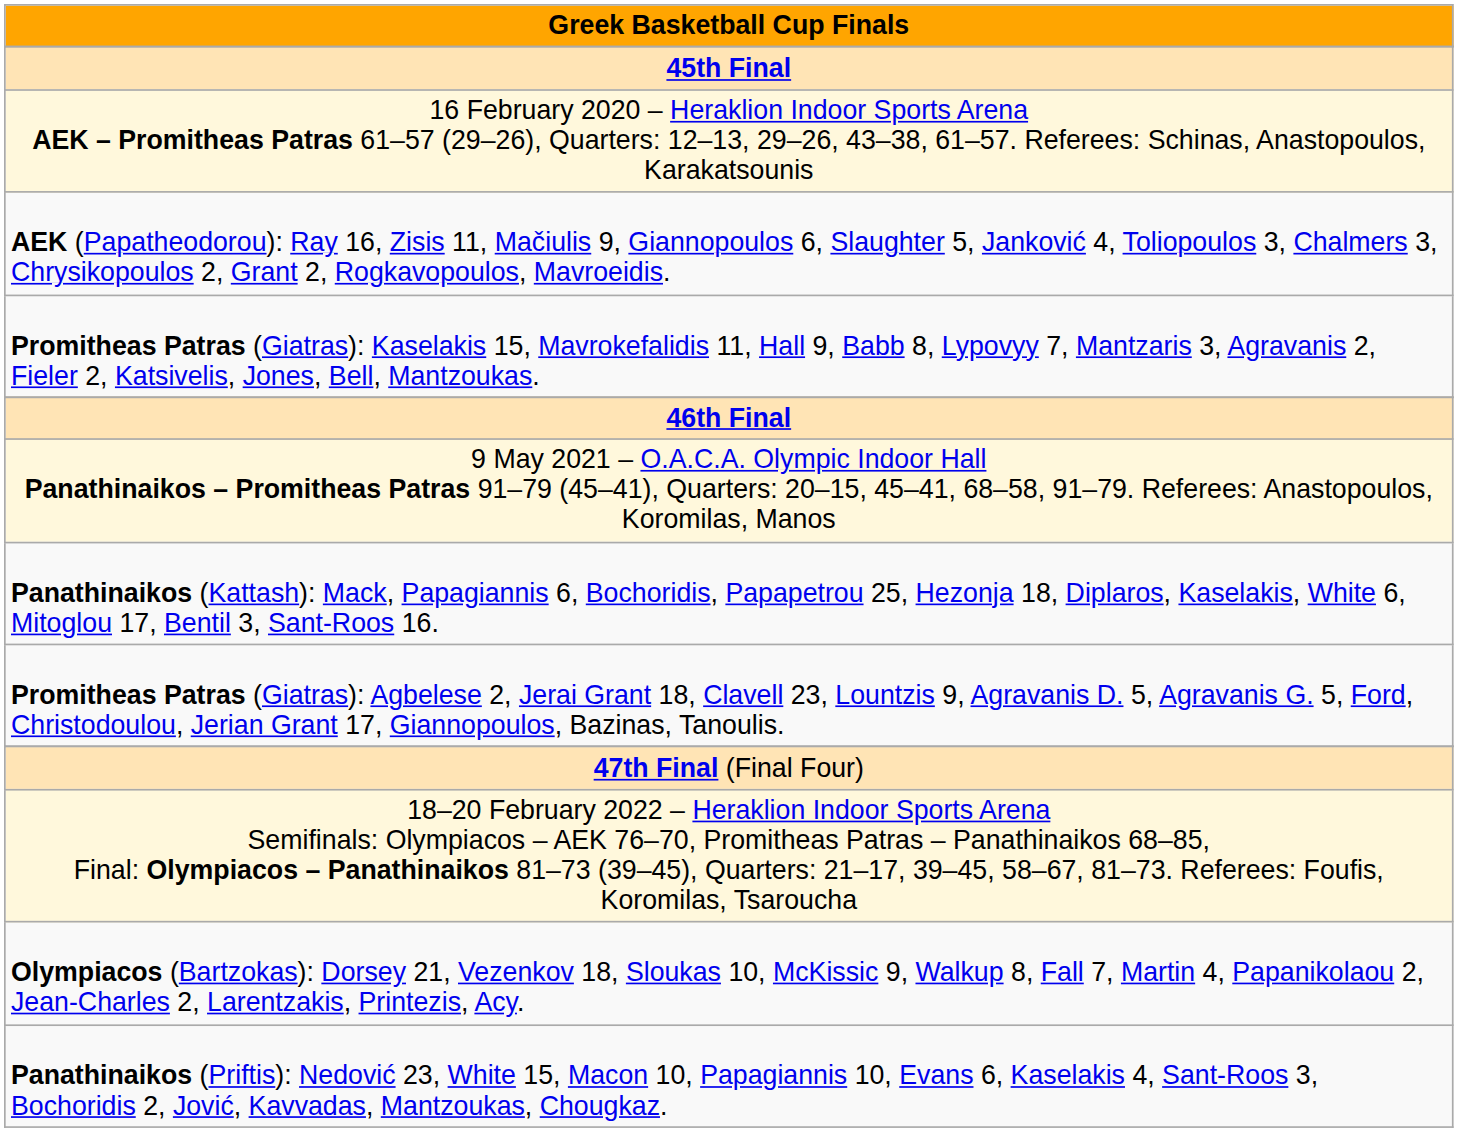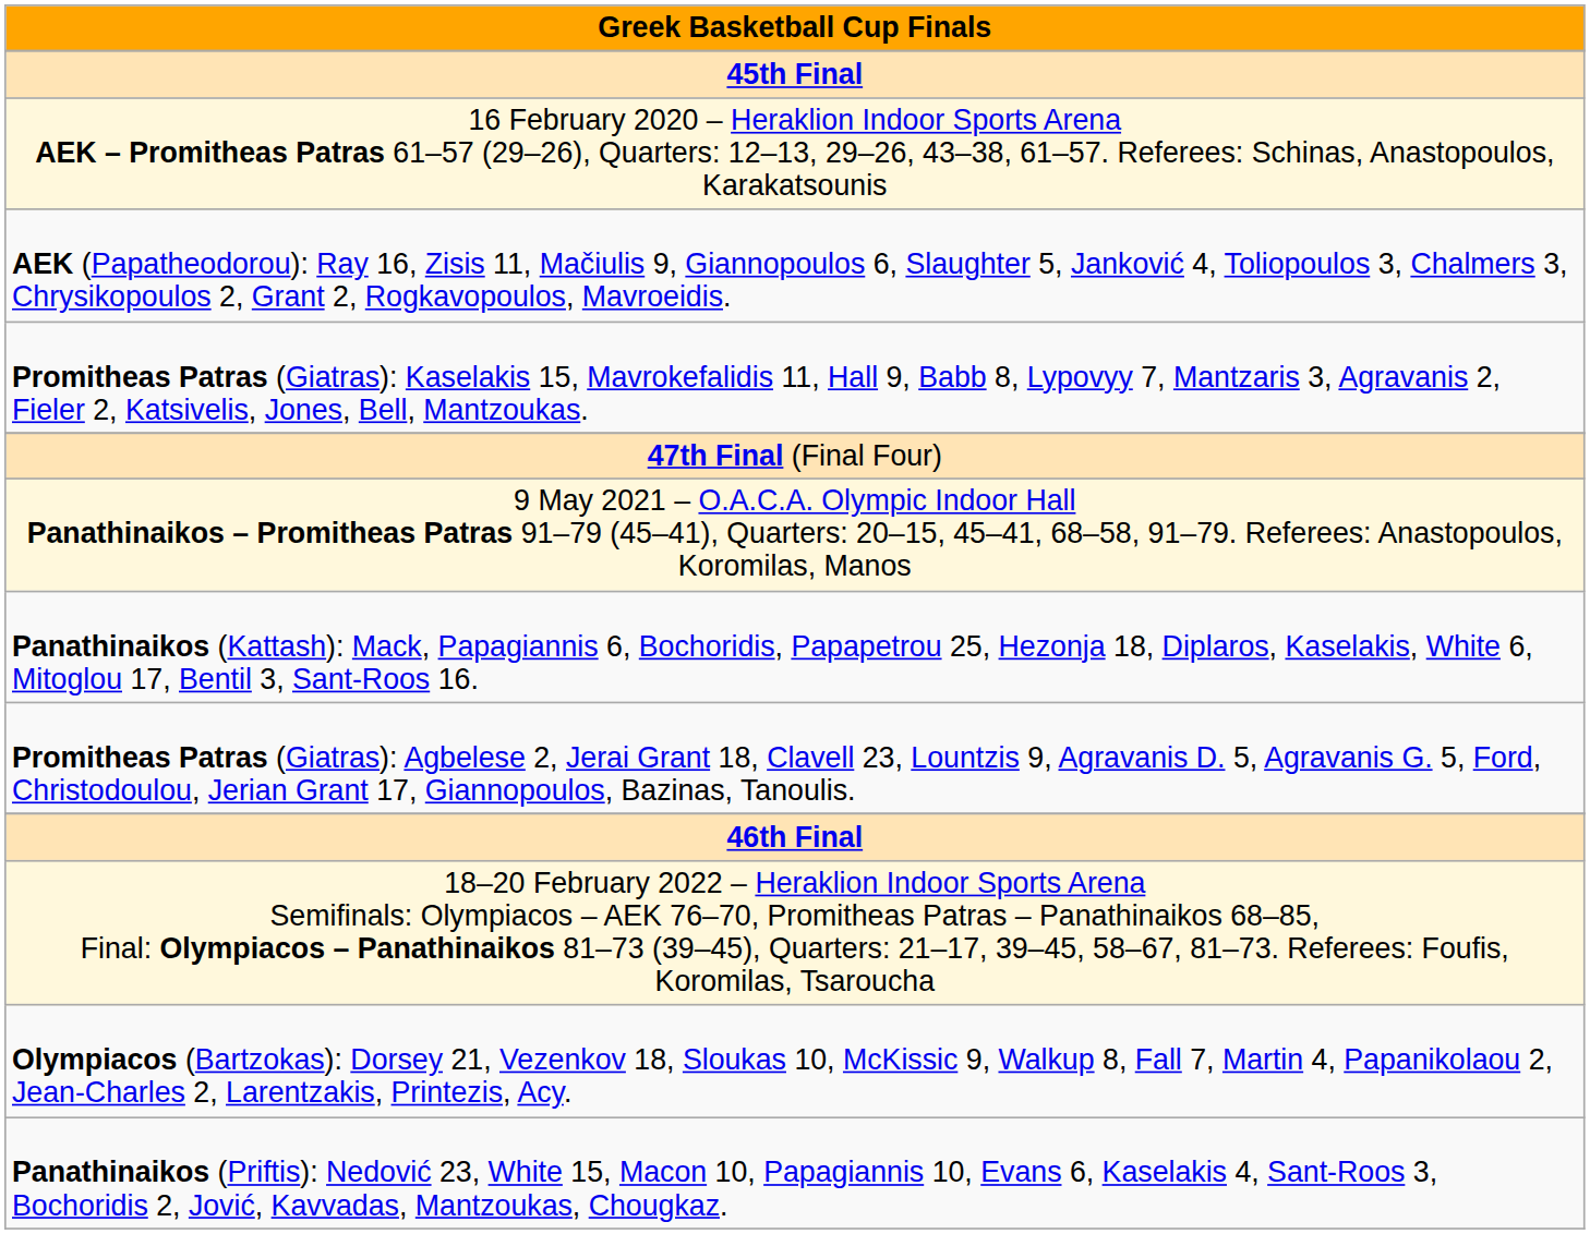 <table class="wikitable">
 <tr>
 <td align="center" bgcolor= #ffa500><strong>Greek Basketball Cup Finals</strong></td>
 </tr>
 <tr>
 </tr>
 <tr>
 <td align="center" bgcolor= #ffe4b5> <strong><a href='#'>45th Final</a></strong></td>
 </tr>
 <tr>
 <td align="center" bgcolor= #fff8dc>16 February 2020 – <a href='#'>Heraklion Indoor Sports Arena</a><br><strong>AEK  – Promitheas Patras</strong> 61–57 (29–26), Quarters: 12–13, 29–26, 43–38, 61–57.  Referees: Schinas, Anastopoulos, Karakatsounis</td>
 </tr>
 <tr>
 <td><br><strong>AEK</strong> (<a href='#'>Papatheodorou</a>): <a href='#'>Ray</a> 16, <a href='#'>Zisis</a> 11, <a href='#'>Mačiulis</a> 9, <a href='#'>Giannopoulos</a> 6, <a href='#'>Slaughter</a> 5, <a href='#'>Janković</a> 4, <a href='#'>Toliopoulos</a> 3, <a href='#'>Chalmers</a> 3, <a href='#'>Chrysikopoulos</a> 2, <a href='#'>Grant</a> 2, <a href='#'>Rogkavopoulos</a>, <a href='#'>Mavroeidis</a>.</td>
 </tr>
 <tr>
 <td><br><strong>Promitheas Patras</strong> (<a href='#'>Giatras</a>): <a href='#'>Kaselakis</a> 15, <a href='#'>Mavrokefalidis</a> 11, <a href='#'>Hall</a> 9, <a href='#'>Babb</a> 8, <a href='#'>Lypovyy</a> 7, <a href='#'>Mantzaris</a> 3, <a href='#'>Agravanis</a> 2, <a href='#'>Fieler</a> 2, <a href='#'>Katsivelis</a>, <a href='#'>Jones</a>, <a href='#'>Bell</a>, <a href='#'>Mantzoukas</a>.</td>
 </tr>
 <tr>
 </tr>
 <tr>
-<td align="center" bgcolor= #ffe4b5> <strong><a href='#'>46th Final</a></strong></td>
+<td align="center" bgcolor= #ffe4b5><strong><a href='#'>47th Final</a></strong> (Final Four)</td>
 </tr>
 <tr>
 <td align="center" bgcolor= #fff8dc>9 May 2021 – <a href='#'>O.A.C.A. Olympic Indoor Hall</a><br><strong>Panathinaikos – Promitheas Patras</strong> 91–79 (45–41), Quarters: 20–15, 45–41, 68–58, 91–79.  Referees: Anastopoulos, Koromilas, Manos</td>
 </tr>
 <tr>
 <td><br><strong>Panathinaikos</strong> (<a href='#'>Kattash</a>): <a href='#'>Mack</a>, <a href='#'>Papagiannis</a> 6, <a href='#'>Bochoridis</a>, <a href='#'>Papapetrou</a> 25, <a href='#'>Hezonja</a> 18, <a href='#'>Diplaros</a>, <a href='#'>Kaselakis</a>, <a href='#'>White</a> 6, <a href='#'>Mitoglou</a> 17, <a href='#'>Bentil</a> 3, <a href='#'>Sant-Roos</a> 16.</td>
 </tr>
 <tr>
 <td><br><strong>Promitheas Patras</strong> (<a href='#'>Giatras</a>): <a href='#'>Agbelese</a> 2, <a href='#'>Jerai Grant</a> 18, <a href='#'>Clavell</a> 23, <a href='#'>Lountzis</a> 9, <a href='#'>Agravanis D.</a> 5, <a href='#'>Agravanis G.</a> 5, <a href='#'>Ford</a>, <a href='#'>Christodoulou</a>, <a href='#'>Jerian Grant</a> 17, <a href='#'>Giannopoulos</a>, Bazinas, Tanoulis.</td>
 </tr>
 <tr>
 </tr>
 <tr>
-<td align="center" bgcolor= #ffe4b5><strong><a href='#'>47th Final</a></strong> (Final Four)</td>
+<td align="center" bgcolor= #ffe4b5> <strong><a href='#'>46th Final</a></strong></td>
 </tr>
 <tr>
 <td align="center" bgcolor= #fff8dc>18–20 February 2022 – <a href='#'>Heraklion Indoor Sports Arena</a><br>Semifinals: Olympiacos – AEK 76–70, Promitheas Patras – Panathinaikos 68–85,<br>Final: <strong>Olympiacos – Panathinaikos</strong> 81–73 (39–45), Quarters: 21–17, 39–45, 58–67, 81–73.  Referees: Foufis, Koromilas, Tsaroucha</td>
 </tr>
 <tr>
 <td><br><strong>Olympiacos</strong> (<a href='#'>Bartzokas</a>): <a href='#'>Dorsey</a> 21, <a href='#'>Vezenkov</a> 18, <a href='#'>Sloukas</a> 10, <a href='#'>McKissic</a> 9, <a href='#'>Walkup</a> 8, <a href='#'>Fall</a> 7, <a href='#'>Martin</a> 4, <a href='#'>Papanikolaou</a> 2, <a href='#'>Jean-Charles</a> 2, <a href='#'>Larentzakis</a>, <a href='#'>Printezis</a>, <a href='#'>Acy</a>.</td>
 </tr>
 <tr>
 <td><br><strong>Panathinaikos</strong> (<a href='#'>Priftis</a>): <a href='#'>Nedović</a> 23, <a href='#'>White</a> 15, <a href='#'>Macon</a> 10, <a href='#'>Papagiannis</a> 10, <a href='#'>Evans</a> 6, <a href='#'>Kaselakis</a> 4, <a href='#'>Sant-Roos</a> 3, <a href='#'>Bochoridis</a> 2, <a href='#'>Jović</a>, <a href='#'>Kavvadas</a>, <a href='#'>Mantzoukas</a>, <a href='#'>Chougkaz</a>.</td>
 </tr>
 </table>
